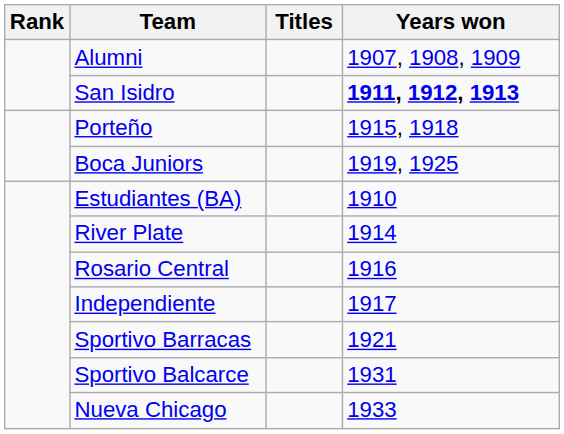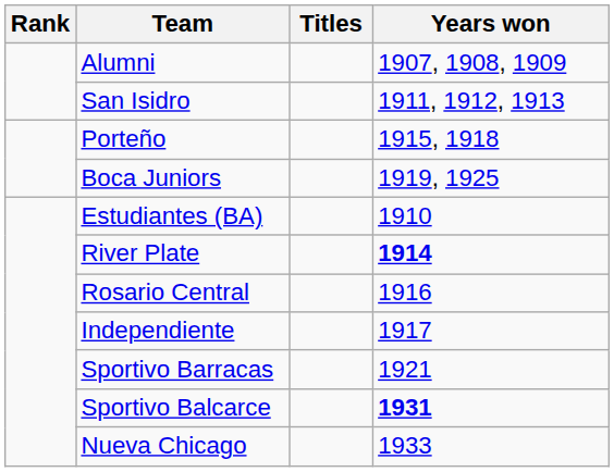 <table class="wikitable sortable" style="text-align:left" width="400">
 <tr>
 <th>Rank</th>
 <th width=150px>Team</th>
 <th width=50px>Titles</th>
 <th width=200px>Years won</th>
 </tr>
 <tr>
 <td rowspan="2"></td>
 <td><a href='#'>Alumni</a></td>
 <td></td>
 <td><a href='#'>1907</a>, <a href='#'>1908</a>, <a href='#'>1909</a></td>
 </tr>
 <tr>
 <td><a href='#'>San Isidro</a></td>
 <td></td>
-<td><strong><a href='#'>1911</a>, <a href='#'>1912</a>, <a href='#'>1913</a></strong></td>
+<td><a href='#'>1911</a>, <a href='#'>1912</a>, <a href='#'>1913</a></td>
 </tr>
 <tr>
 <td rowspan="2"></td>
 <td><a href='#'>Porteño</a></td>
 <td></td>
 <td><a href='#'>1915</a>, <a href='#'>1918</a></td>
 </tr>
 <tr>
 <td><a href='#'>Boca Juniors</a></td>
 <td></td>
 <td><a href='#'>1919</a>, <a href='#'>1925</a></td>
 </tr>
 <tr>
 <td rowspan="7"></td>
 <td><a href='#'>Estudiantes (BA)</a></td>
 <td></td>
 <td><a href='#'>1910</a></td>
 </tr>
 <tr>
 <td><a href='#'>River Plate</a></td>
 <td></td>
-<td><a href='#'>1914</a></td>
+<td><strong><a href='#'>1914</a></strong></td>
 </tr>
 <tr>
 <td><a href='#'>Rosario Central</a></td>
 <td></td>
 <td><a href='#'>1916</a></td>
 </tr>
 <tr>
 <td><a href='#'>Independiente</a></td>
 <td></td>
 <td><a href='#'>1917</a></td>
 </tr>
 <tr>
 <td><a href='#'>Sportivo Barracas</a></td>
 <td></td>
 <td><a href='#'>1921</a></td>
 </tr>
 <tr>
 <td><a href='#'>Sportivo Balcarce</a></td>
 <td></td>
-<td><a href='#'>1931</a></td>
+<td><strong><a href='#'>1931</a></strong></td>
 </tr>
 <tr>
 <td><a href='#'>Nueva Chicago</a></td>
 <td></td>
 <td><a href='#'>1933</a></td>
 </tr>
 </table>
